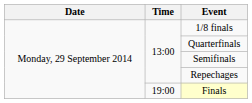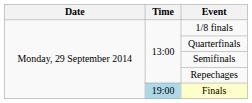 <table class = "wikitable" style="text-align:center;">
 <tr>
 <th width=220>Date</th>
 <th width=50>Time</th>
 <th width=100>Event</th>
 </tr>
 <tr>
 <td rowspan=5>Monday, 29 September 2014</td>
 <td rowspan=4>13:00</td>
 <td>1/8 finals</td>
 </tr>
 <tr>
 <td>Quarterfinals</td>
 </tr>
 <tr>
 <td>Semifinals</td>
 </tr>
 <tr>
 <td>Repechages</td>
 </tr>
 <tr>
-<td>19:00</td>
+<td style="background: lightblue;">19:00</td>
 <td bgcolor=ffffcc>Finals</td>
 </tr>
 </table>
